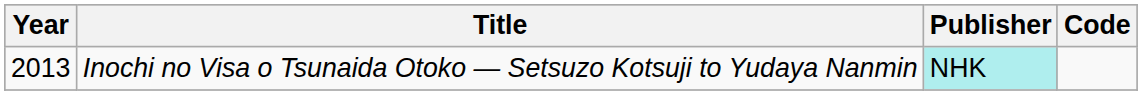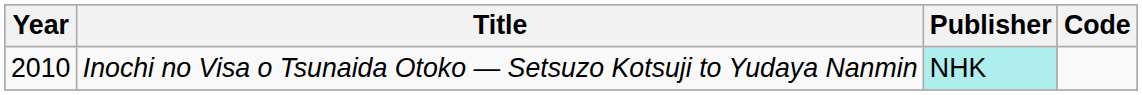 <table class="wikitable">
 <tr>
 <th>Year</th>
 <th>Title</th>
 <th>Publisher</th>
 <th>Code</th>
 </tr>
 <tr>
-<td>2013</td>
+<td>2010</td>
 <td><em>Inochi no Visa o Tsunaida Otoko — Setsuzo Kotsuji to Yudaya Nanmin</em></td>
 <td style="background: paleturquoise;">NHK</td>
 <td></td>
 </tr>
 </table>
